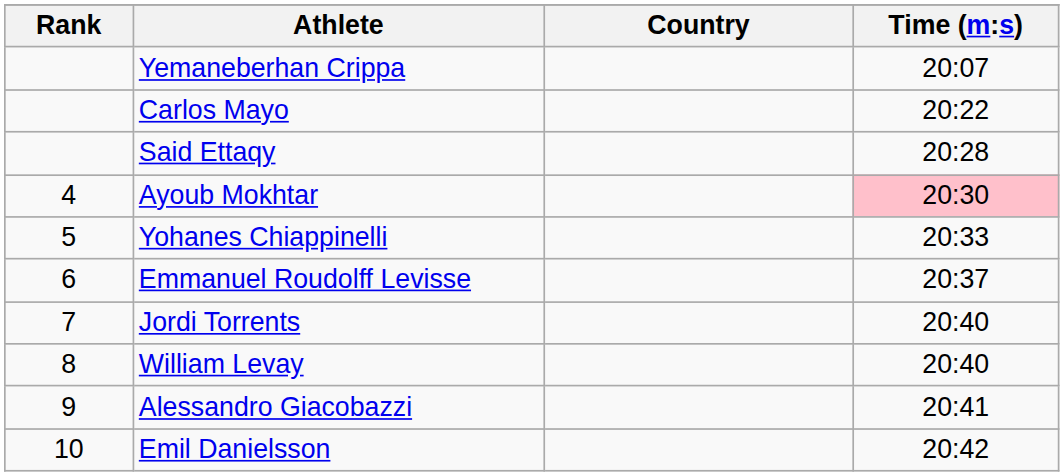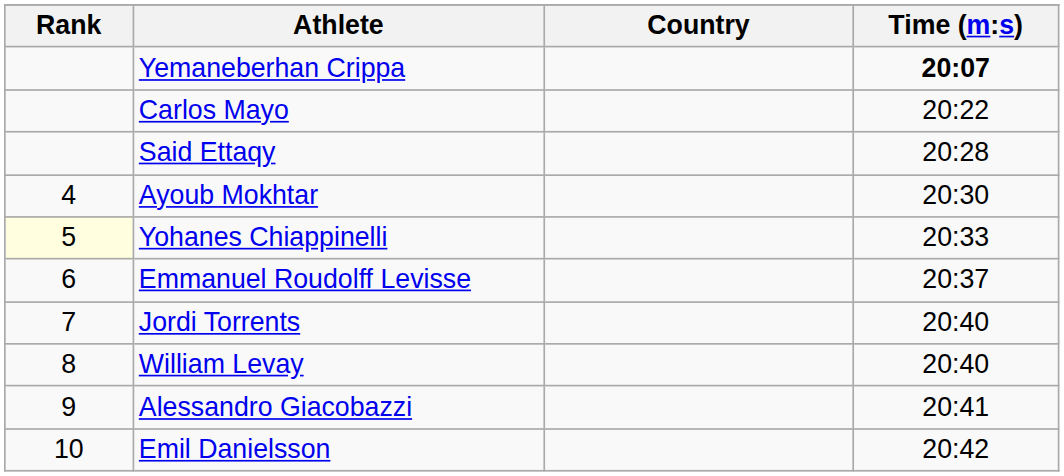 <table class="wikitable" style="text-align:center;" width="50%">
 <tr>
 </tr>
 <tr>
 <th width=5%>Rank</th>
 <th width=20%>Athlete</th>
 <th width=15%>Country</th>
 <th width=10%>Time (<a href='#'>m</a>:<a href='#'>s</a>)</th>
 </tr>
 <tr>
 <td></td>
 <td align="left"><a href='#'>Yemaneberhan Crippa</a></td>
 <td align="left"></td>
-<td>20:07</td>
+<td><strong>20:07</strong></td>
 </tr>
 <tr>
 <td></td>
 <td align="left"><a href='#'>Carlos Mayo</a></td>
 <td align="left"></td>
 <td>20:22</td>
 </tr>
 <tr>
 <td></td>
 <td align="left"><a href='#'>Said Ettaqy</a></td>
 <td align="left"></td>
 <td>20:28</td>
 </tr>
 <tr>
 <td>4</td>
 <td align="left"><a href='#'>Ayoub Mokhtar</a></td>
 <td align="left"></td>
-<td style="background: pink;">20:30</td>
+<td>20:30</td>
 </tr>
 <tr>
-<td>5</td>
+<td style="background: lightyellow;">5</td>
 <td align="left"><a href='#'>Yohanes Chiappinelli</a></td>
 <td align="left"></td>
 <td>20:33</td>
 </tr>
 <tr>
 <td>6</td>
 <td align="left"><a href='#'>Emmanuel Roudolff Levisse</a></td>
 <td align="left"></td>
 <td>20:37</td>
 </tr>
 <tr>
 <td>7</td>
 <td align="left"><a href='#'>Jordi Torrents</a></td>
 <td align="left"></td>
 <td>20:40</td>
 </tr>
 <tr>
 <td>8</td>
 <td align="left"><a href='#'>William Levay</a></td>
 <td align="left"></td>
 <td>20:40</td>
 </tr>
 <tr>
 <td>9</td>
 <td align="left"><a href='#'>Alessandro Giacobazzi</a></td>
 <td align="left"></td>
 <td>20:41</td>
 </tr>
 <tr>
 <td>10</td>
 <td align="left"><a href='#'>Emil Danielsson</a></td>
 <td align="left"></td>
 <td>20:42</td>
 </tr>
 </table>
